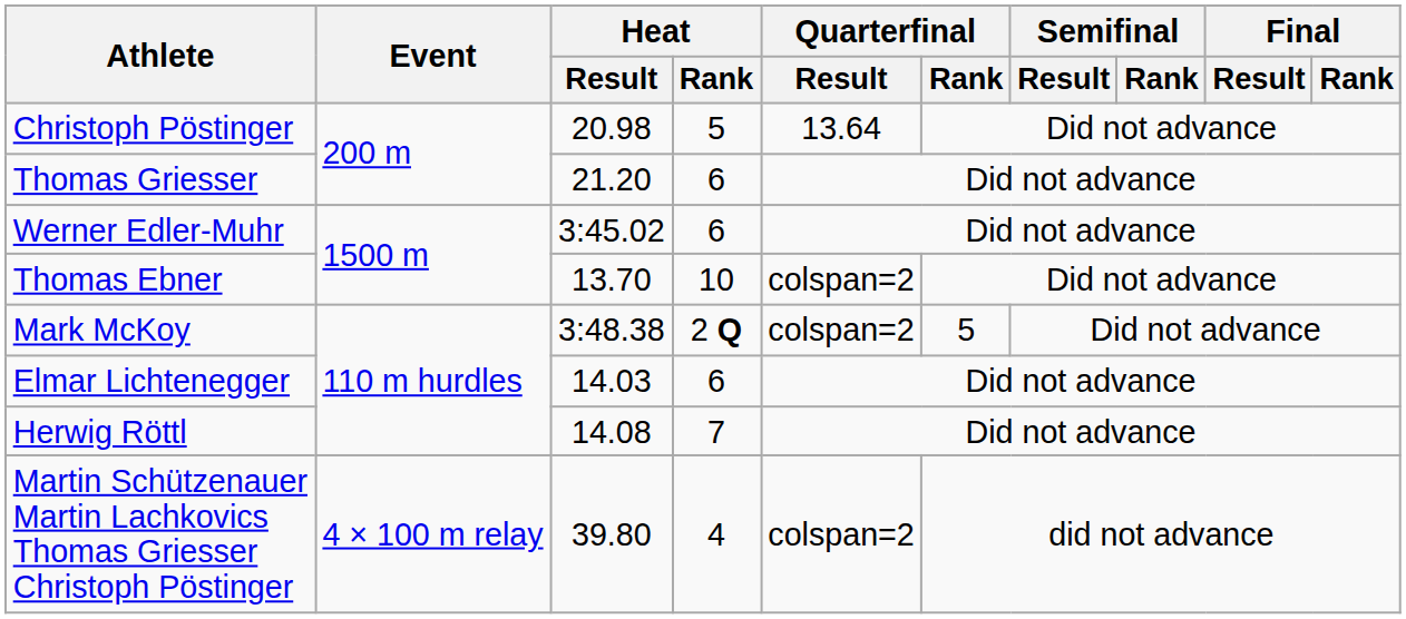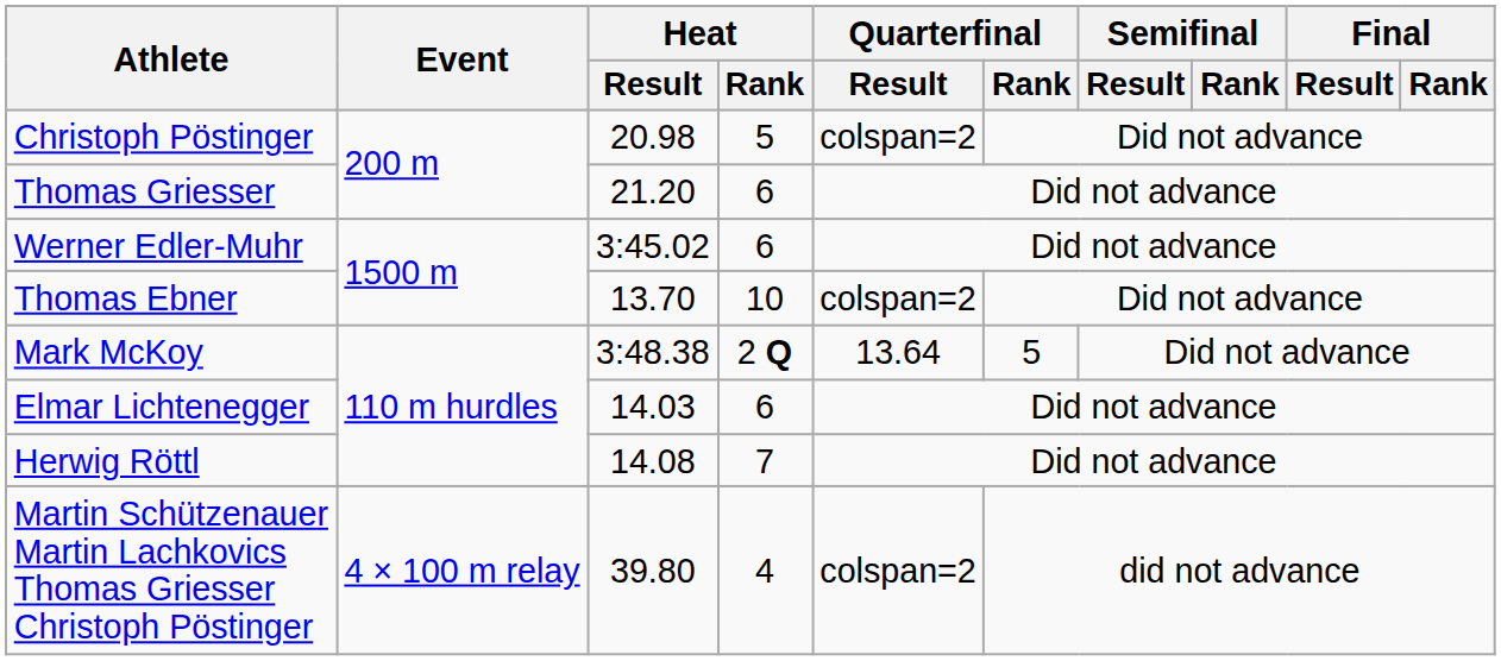 <table class="wikitable" style="font-size:90%">
 <tr>
 <th rowspan="2">Athlete</th>
 <th rowspan="2">Event</th>
 <th colspan="2">Heat</th>
 <th colspan="2">Quarterfinal</th>
 <th colspan="2">Semifinal</th>
 <th colspan="2">Final</th>
 </tr>
 <tr style="font-size:95%">
 <th>Result</th>
 <th>Rank</th>
 <th>Result</th>
 <th>Rank</th>
 <th>Result</th>
 <th>Rank</th>
 <th>Result</th>
 <th>Rank</th>
 </tr>
 <tr align=center>
 <td align=left><a href='#'>Christoph Pöstinger</a></td>
 <td align=left rowspan=2><a href='#'>200 m</a></td>
 <td>20.98</td>
 <td>5</td>
-<td>13.64</td>
+<td>colspan=2 </td>
 <td colspan=6>Did not advance</td>
 </tr>
 <tr align=center>
 <td align=left><a href='#'>Thomas Griesser</a></td>
 <td>21.20</td>
 <td>6</td>
 <td colspan=8>Did not advance</td>
 </tr>
 <tr align=center>
 <td align=left><a href='#'>Werner Edler-Muhr</a></td>
 <td align=left rowspan=2><a href='#'>1500 m</a></td>
 <td>3:45.02</td>
 <td>6</td>
 <td colspan=8>Did not advance</td>
 </tr>
 <tr align=center>
 <td align=left><a href='#'>Thomas Ebner</a></td>
 <td>13.70</td>
 <td>10</td>
 <td>colspan=2 </td>
 <td colspan=6>Did not advance</td>
 </tr>
 <tr align=center>
 <td align=left><a href='#'>Mark McKoy</a></td>
 <td align=left rowspan=3><a href='#'>110 m hurdles</a></td>
 <td>3:48.38</td>
 <td>2 <strong>Q</strong></td>
-<td>colspan=2 </td>
+<td>13.64</td>
 <td>5</td>
 <td colspan=4>Did not advance</td>
 </tr>
 <tr align=center>
 <td align=left><a href='#'>Elmar Lichtenegger</a></td>
 <td>14.03</td>
 <td>6</td>
 <td colspan=6>Did not advance</td>
 </tr>
 <tr align=center>
 <td align=left><a href='#'>Herwig Röttl</a></td>
 <td>14.08</td>
 <td>7</td>
 <td colspan=6>Did not advance</td>
 </tr>
 <tr align=center>
 <td align=left><a href='#'>Martin Schützenauer</a><br><a href='#'>Martin Lachkovics</a><br><a href='#'>Thomas Griesser</a><br><a href='#'>Christoph Pöstinger</a></td>
 <td align=left><a href='#'>4 × 100 m relay</a></td>
 <td>39.80</td>
 <td>4</td>
 <td>colspan=2 </td>
 <td colspan=6>did not advance</td>
 </tr>
 </table>
